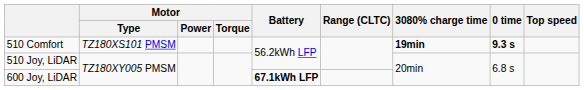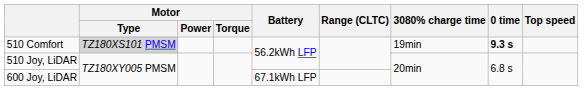 <table class="wikitable">
 <tr>
 <th rowspan="2"></th>
 <th colspan="3">Motor</th>
 <th rowspan="2">Battery</th>
 <th rowspan="2">Range (CLTC)</th>
 <th rowspan="2">3080% charge time</th>
 <th rowspan="2">0 time</th>
 <th rowspan="2">Top speed</th>
 </tr>
 <tr>
 <th>Type</th>
 <th>Power</th>
 <th>Torque</th>
 </tr>
 <tr>
 <td>510 Comfort</td>
-<td><em>TZ180XS101</em> <a href='#'>PMSM</a></td>
+<td style="background: lightgrey;"><em>TZ180XS101</em> <a href='#'>PMSM</a></td>
 <td></td>
 <td></td>
 <td rowspan="2">56.2kWh <a href='#'>LFP</a></td>
 <td rowspan="2"></td>
-<td><strong>19min</strong></td>
+<td>19min</td>
 <td><strong>9.3 s</strong></td>
 <td></td>
 </tr>
 <tr>
 <td>510 Joy, LiDAR</td>
 <td rowspan="2"><em>TZ180XY005</em> PMSM</td>
 <td rowspan="2"></td>
 <td rowspan="2"></td>
 <td rowspan="2">20min</td>
 <td rowspan="2">6.8 s</td>
 <td rowspan="2"></td>
 </tr>
 <tr>
 <td>600 Joy, LiDAR</td>
-<td><strong>67.1kWh LFP</strong></td>
+<td>67.1kWh LFP</td>
 <td></td>
 </tr>
 </table>
